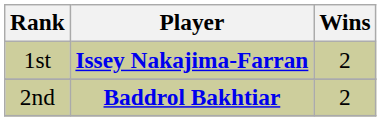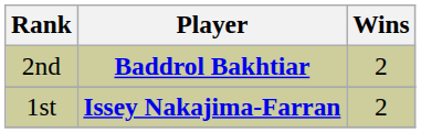 <table class="wikitable">
 <tr>
 <th>Rank</th>
 <th>Player</th>
 <th>Wins</th>
+</tr>
+<tr>
+<td align=center style="background-color:#cdce9c">2nd</td>
+<td align=center style="background-color:#cdce9c"><strong><a href='#'>Baddrol Bakhtiar</a></strong></td>
+<td align=center style="background-color:#cdce9c">2</td>
+</tr>
+<tr #bcbce7>
 </tr>
 <tr>
 <td align=center style="background-color:#cdce9c">1st</td>
 <td align=center style="background-color:#cdce9c"><strong><a href='#'>Issey Nakajima-Farran</a></strong></td>
 <td align=center style="background-color:#cdce9c">2</td>
 </tr>
 <tr #bcbce7>
 </tr>
-<tr>
-<td align=center style="background-color:#cdce9c">2nd</td>
-<td align=center style="background-color:#cdce9c"><strong><a href='#'>Baddrol Bakhtiar</a></strong></td>
-<td align=center style="background-color:#cdce9c">2</td>
-</tr>
-<tr #bcbce7>
-</tr>
 </table>
